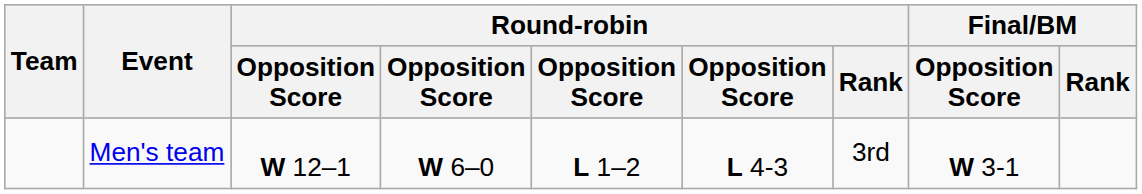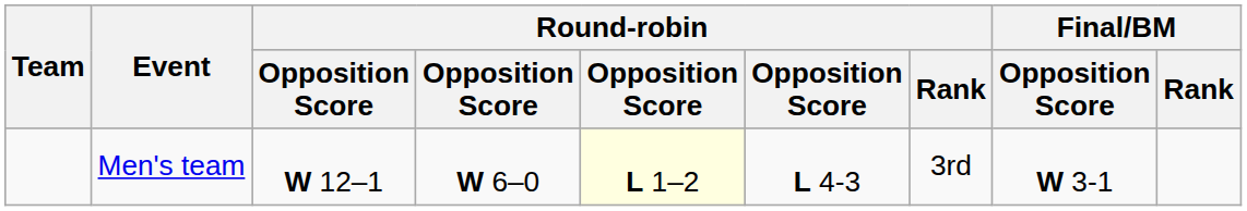 <table class="wikitable">
 <tr>
 <th rowspan="2">Team</th>
 <th rowspan="2">Event</th>
 <th colspan="5">Round-robin</th>
 <th colspan="2">Final/BM</th>
 </tr>
 <tr>
 <th>Opposition<br>Score</th>
 <th>Opposition<br>Score</th>
 <th>Opposition<br>Score</th>
 <th>Opposition<br>Score</th>
 <th>Rank</th>
 <th>Opposition<br>Score</th>
 <th>Rank</th>
 </tr>
 <tr align="center">
 <td></td>
 <td align="left"><a href='#'>Men's team</a></td>
 <td><br> <strong>W</strong> 12–1</td>
 <td><br> <strong>W</strong> 6–0</td>
-<td><br> <strong>L</strong> 1–2</td>
+<td style="background: lightyellow;"><br> <strong>L</strong> 1–2</td>
 <td><br> <strong>L</strong> 4-3</td>
 <td>3rd</td>
 <td><br> <strong>W</strong> 3-1</td>
 <td></td>
 </tr>
 </table>
